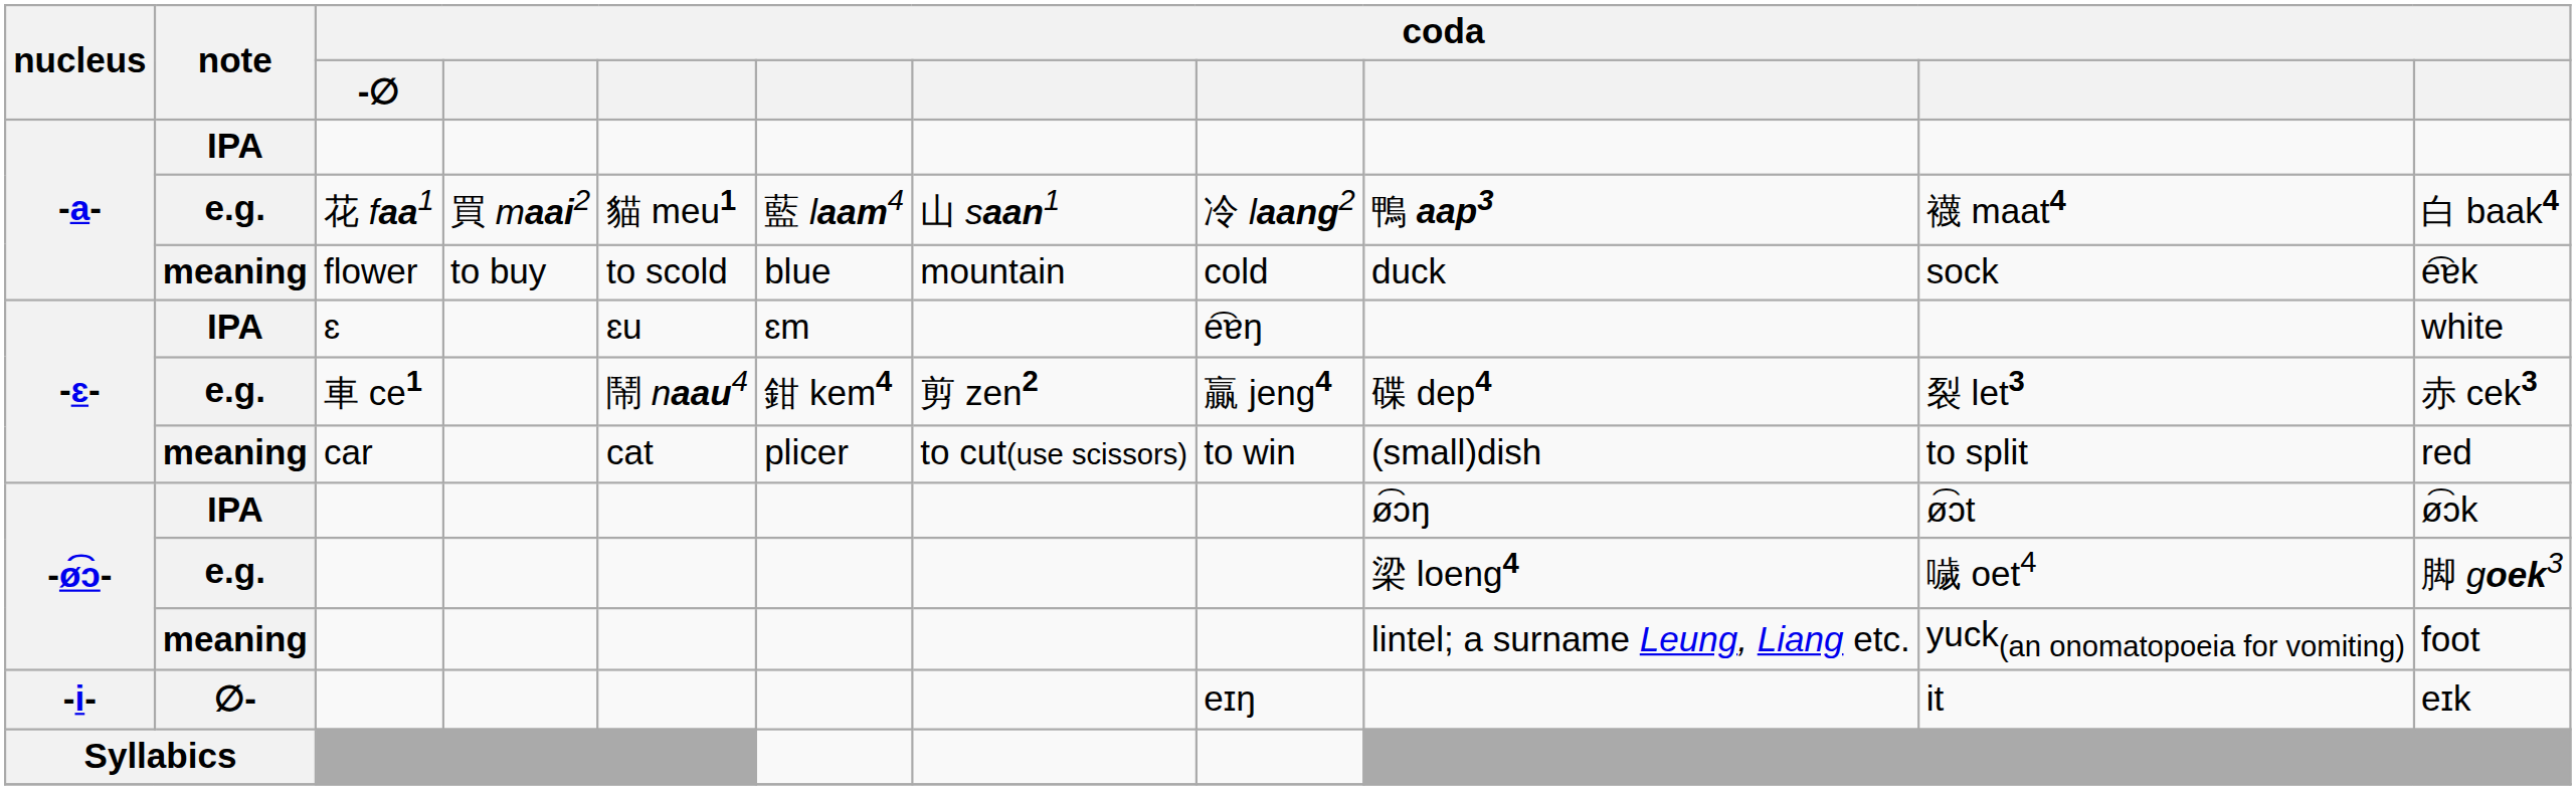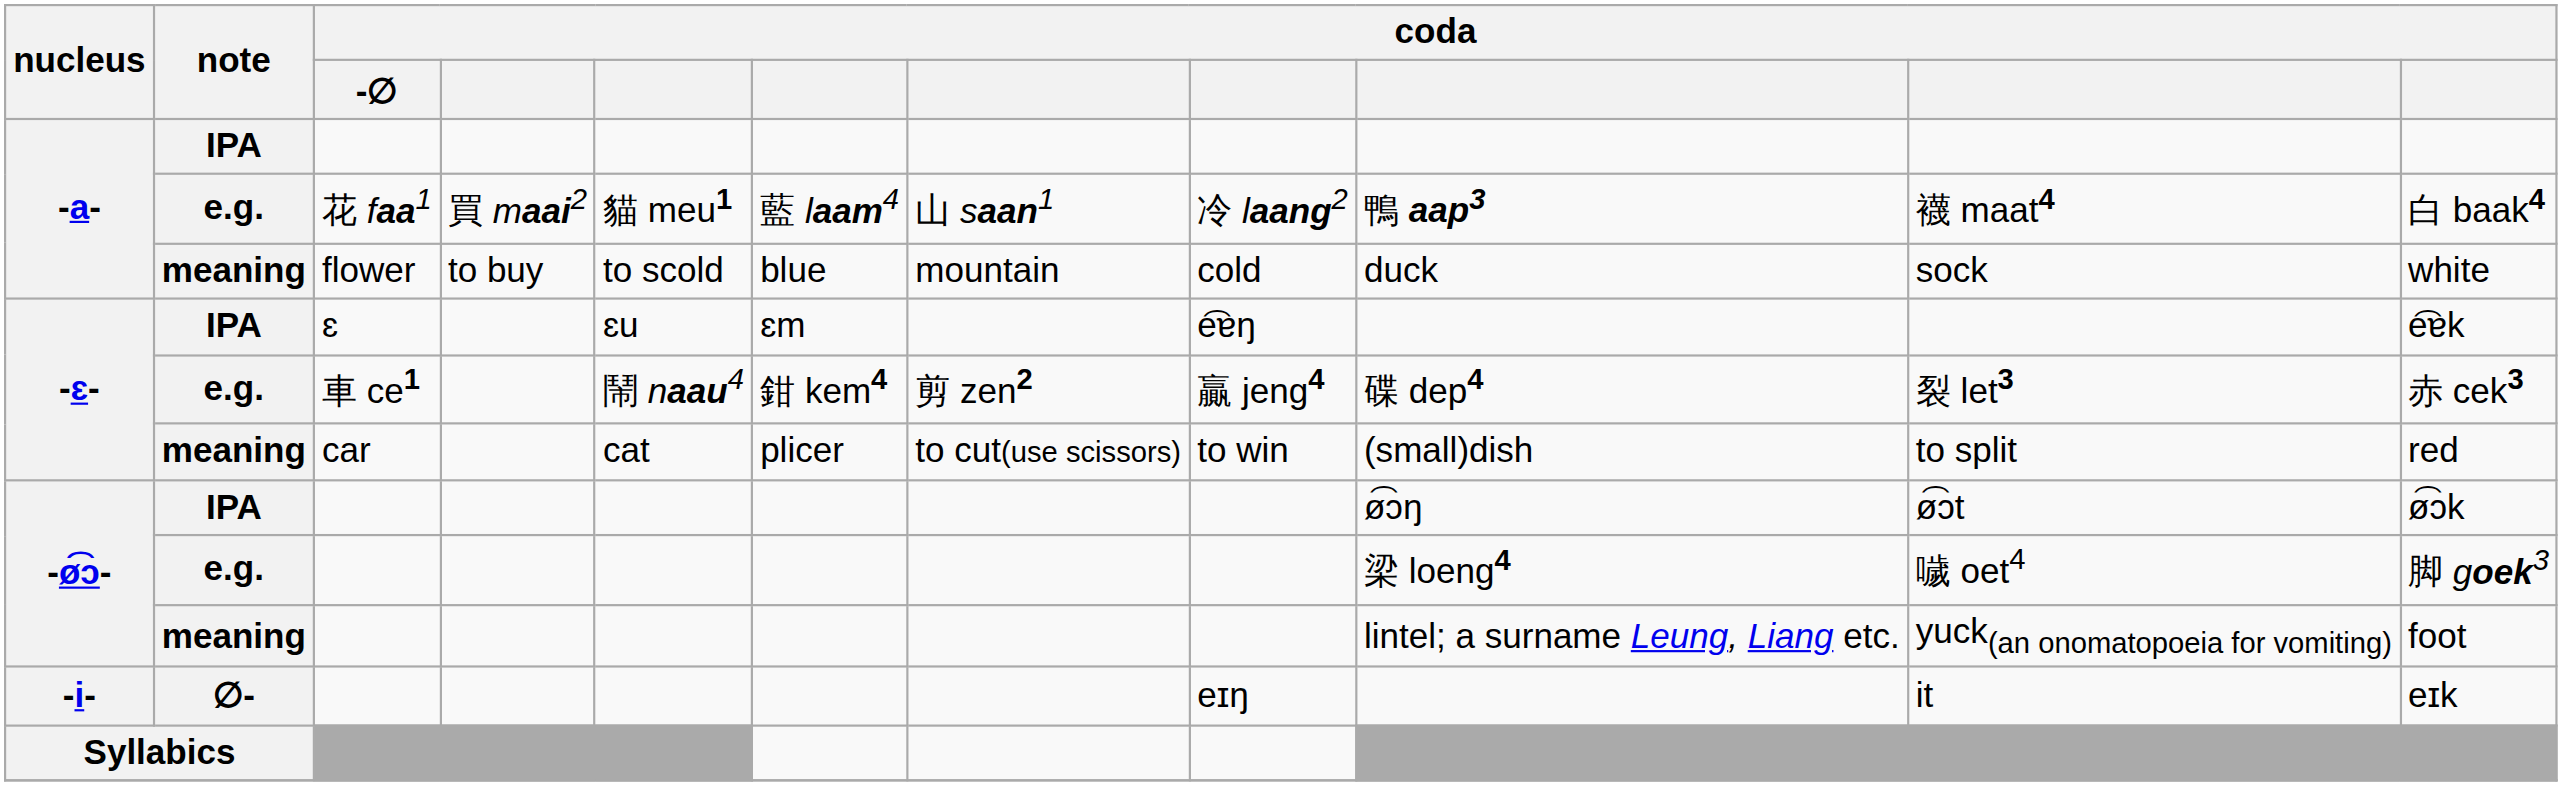 <table class="wikitable">
 <tr>
 <th rowspan="2">nucleus</th>
 <th rowspan="2">note</th>
 <th colspan="9">coda</th>
 </tr>
 <tr>
 <th>-∅</th>
 <th></th>
 <th></th>
 <th></th>
 <th></th>
 <th></th>
 <th></th>
 <th></th>
 <th></th>
 </tr>
 <tr>
 <th rowspan="3">-<a href='#'>a</a>-</th>
 <th>IPA</th>
 <td></td>
 <td></td>
 <td></td>
 <td></td>
 <td></td>
 <td></td>
 <td></td>
 <td></td>
 <td></td>
 </tr>
 <tr>
 <th>e.g.</th>
 <td>花 <em>f<strong>aa</strong><sup>1</sup></em></td>
 <td>買 <em>m<strong>aai</strong><sup>2</sup></em></td>
 <td>貓 </em>m</strong>eu<strong><sup>1</sup><em></td>
 <td>藍 <em>l<strong>aam</strong><sup>4</sup></em></td>
 <td>山 <em>s<strong>aan</strong><sup>1</sup></em></td>
 <td>冷 <em>l<strong>aang</strong><sup>2</sup></em></td>
 <td>鴨 <strong><em>aap<strong><sup>3</sup><em></td>
 <td>襪 </em>m</strong>aat<strong><sup>4</sup><em></td>
 <td>白 </em>b</strong>aak<strong><sup>4</sup><em></td>
 </tr>
 <tr>
 <th>meaning</th>
 <td>flower</td>
 <td>to buy</td>
 <td>to scold</td>
 <td>blue</td>
 <td>mountain</td>
 <td>cold</td>
 <td>duck</td>
 <td>sock</td>
-<td>e͡ɐk</td>
+<td>white</td>
 </tr>
 <tr>
 <th rowspan="3">-<a href='#'>ɛ</a>-</th>
 <th>IPA</th>
 <td>ɛ</td>
 <td></td>
 <td>ɛu</td>
 <td>ɛm</td>
 <td></td>
 <td>e͡ɐŋ</td>
 <td></td>
 <td></td>
-<td>white</td>
+<td>e͡ɐk</td>
 </tr>
 <tr>
 <th>e.g.</th>
 <td>車 </em>c</strong>e<strong><sup>1</sup><em></td>
 <td> </td>
 <td>鬧 <em>n<strong>aau</strong><sup>4</sup></em></td>
 <td>鉗 </em>k</strong>em<strong><sup>4</sup><em></td>
 <td>剪 </em>z</strong>en<strong><sup>2</sup><em></td>
 <td>贏 </em>j</strong>eng<strong><sup>4</sup><em></td>
 <td>碟 </em>d</strong>ep<strong><sup>4</sup><em></td>
 <td>裂 </em>l</strong>et<strong><sup>3</sup><em></td>
 <td>赤 </em>c</strong>ek<strong><sup>3</sup><em></td>
 </tr>
 <tr>
 <th>meaning</th>
 <td>car</td>
 <td> </td>
 <td>cat</td>
 <td>plicer</td>
 <td>to cut<small>(use scissors)</small></td>
 <td>to win</td>
 <td>(small)dish</td>
 <td>to split</td>
 <td>red</td>
 </tr>
 <tr>
 <th rowspan="3">-<a href='#'>ø͡ɔ</a>-</th>
 <th>IPA</th>
 <td></td>
 <td></td>
 <td></td>
 <td></td>
 <td></td>
 <td></td>
 <td>ø͡ɔŋ</td>
 <td>ø͡ɔt</td>
 <td>ø͡ɔk</td>
 </tr>
 <tr>
 <th>e.g.</th>
 <td></td>
 <td></td>
 <td></td>
 <td></td>
 <td></td>
 <td></td>
 <td>梁 </em>l</strong>oeng<strong><sup>4</sup><em></td>
 <td>噦 </em></strong>oet</strong><sup>4</sup></em></td>
 <td>脚 <em>g<strong>oek</strong><sup>3</sup></em></td>
 </tr>
 <tr>
 <th>meaning</th>
 <td></td>
 <td></td>
 <td></td>
 <td></td>
 <td></td>
 <td></td>
 <td>lintel; a surname <em><a href='#'>Leung</a>, <a href='#'>Liang</a></em> etc.</td>
 <td>yuck<sub>(an onomatopoeia for vomiting)</sub></td>
 <td>foot</td>
 </tr>
 <tr>
 <th>-<a href='#'>i</a>-</th>
 <th>∅-</th>
 <td></td>
 <td> </td>
 <td></td>
 <td></td>
 <td></td>
 <td>eɪŋ</td>
 <td></td>
 <td>it</td>
 <td>eɪk</td>
 </tr>
 <tr>
 <th colspan="2">Syllabics</th>
 <td colspan="3" style="background: #aaa;"></td>
 <td></td>
 <td></td>
 <td></td>
 <td colspan="3" style="background: #aaa;"></td>
 </tr>
 <tr>
 </tr>
 </table>
